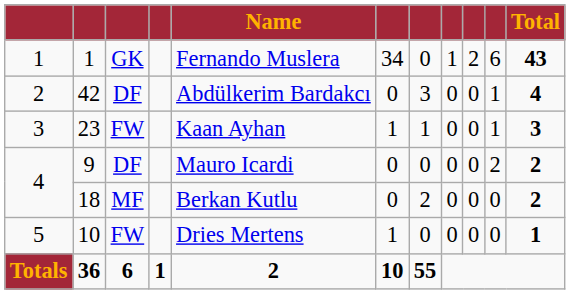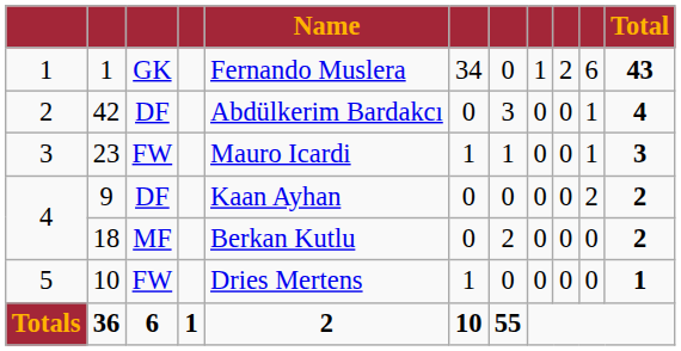 <table class="wikitable" style="text-align:center">
 <tr>
 <th style="background:#A32638; color:#FFB300; "></th>
 <th style="background:#A32638; color:#FFB300; "></th>
 <th style="background:#A32638; color:#FFB300; "></th>
 <th style="background:#A32638; color:#FFB300; "></th>
 <th style="background:#A32638; color:#FFB300; ">Name</th>
 <th style="background:#A32638; color:#FFB300; "></th>
 <th style="background:#A32638; color:#FFB300; "></th>
 <th style="background:#A32638; color:#FFB300; "></th>
 <th style="background:#A32638; color:#FFB300; "></th>
 <th style="background:#A32638; color:#FFB300; "></th>
 <th style="background:#A32638; color:#FFB300; ">Total</th>
 </tr>
 <tr>
 <td rowspan="1">1</td>
 <td>1</td>
 <td><a href='#'>GK</a></td>
 <td></td>
 <td align=left><a href='#'>Fernando Muslera</a></td>
 <td>34</td>
 <td>0</td>
 <td>1</td>
 <td>2</td>
 <td>6</td>
 <td><strong>43</strong></td>
 </tr>
 <tr>
 <td rowspan="1">2</td>
 <td>42</td>
 <td><a href='#'>DF</a></td>
 <td></td>
 <td align=left><a href='#'>Abdülkerim Bardakcı</a></td>
 <td>0</td>
 <td>3</td>
 <td>0</td>
 <td>0</td>
 <td>1</td>
 <td><strong>4</strong></td>
 </tr>
 <tr>
 <td rowspan="1">3</td>
 <td>23</td>
 <td><a href='#'>FW</a></td>
 <td></td>
-<td align=left><a href='#'>Kaan Ayhan</a></td>
+<td align=left><a href='#'>Mauro Icardi</a></td>
 <td>1</td>
 <td>1</td>
 <td>0</td>
 <td>0</td>
 <td>1</td>
 <td><strong>3</strong></td>
 </tr>
 <tr>
 <td rowspan="2">4</td>
 <td>9</td>
 <td><a href='#'>DF</a></td>
 <td></td>
-<td align=left><a href='#'>Mauro Icardi</a></td>
+<td align=left><a href='#'>Kaan Ayhan</a></td>
 <td>0</td>
 <td>0</td>
 <td>0</td>
 <td>0</td>
 <td>2</td>
 <td><strong>2</strong></td>
 </tr>
 <tr>
 <td>18</td>
 <td><a href='#'>MF</a></td>
 <td></td>
 <td align=left><a href='#'>Berkan Kutlu</a></td>
 <td>0</td>
 <td>2</td>
 <td>0</td>
 <td>0</td>
 <td>0</td>
 <td><strong>2</strong></td>
 </tr>
 <tr>
 <td rowspan="1">5</td>
 <td>10</td>
 <td><a href='#'>FW</a></td>
 <td></td>
 <td align=left><a href='#'>Dries Mertens</a></td>
 <td>1</td>
 <td>0</td>
 <td>0</td>
 <td>0</td>
 <td>0</td>
 <td><strong>1</strong></td>
 </tr>
 <tr>
 <td style="background:#A32638; color:#FFB300; "><strong>Totals</strong></td>
 <td><strong>36</strong></td>
 <td><strong>6</strong></td>
 <td><strong>1</strong></td>
 <td><strong>2</strong></td>
 <td><strong>10</strong></td>
 <td><strong>55</strong></td>
 </tr>
 </table>
